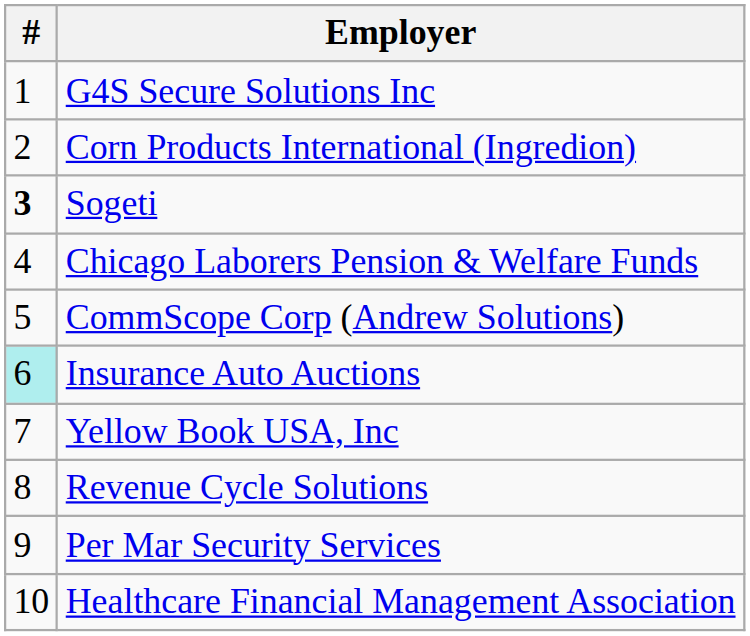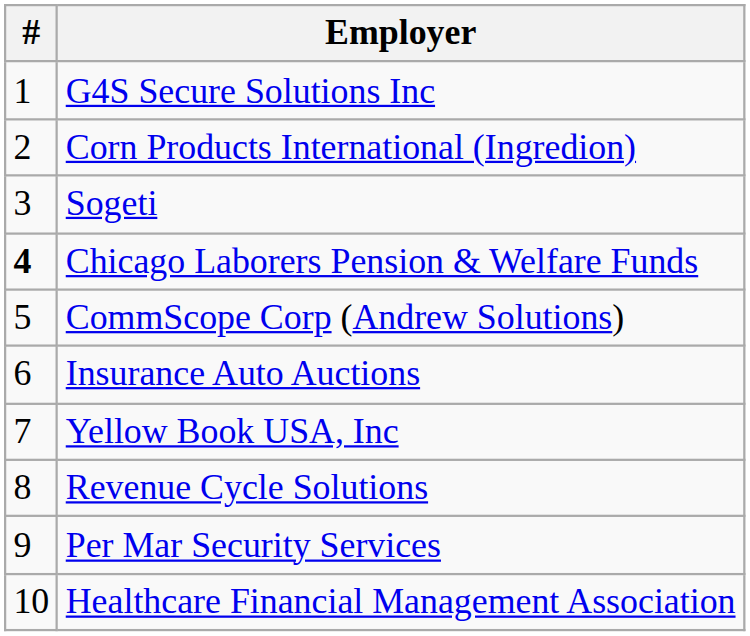 <table class="wikitable">
 <tr>
 <th>#</th>
 <th>Employer</th>
 </tr>
 <tr>
 <td>1</td>
 <td><a href='#'>G4S Secure Solutions Inc</a></td>
 </tr>
 <tr>
 <td>2</td>
 <td><a href='#'>Corn Products International (Ingredion)</a></td>
 </tr>
 <tr>
-<td><strong>3</strong></td>
+<td>3</td>
 <td><a href='#'>Sogeti</a></td>
 </tr>
 <tr>
-<td>4</td>
+<td><strong>4</strong></td>
 <td><a href='#'>Chicago Laborers Pension & Welfare Funds</a></td>
 </tr>
 <tr>
 <td>5</td>
 <td><a href='#'>CommScope Corp</a> (<a href='#'>Andrew Solutions</a>)</td>
 </tr>
 <tr>
-<td style="background: paleturquoise;">6</td>
+<td>6</td>
 <td><a href='#'>Insurance Auto Auctions</a></td>
 </tr>
 <tr>
 <td>7</td>
 <td><a href='#'>Yellow Book USA, Inc</a></td>
 </tr>
 <tr>
 <td>8</td>
 <td><a href='#'>Revenue Cycle Solutions</a></td>
 </tr>
 <tr>
 <td>9</td>
 <td><a href='#'>Per Mar Security Services</a></td>
 </tr>
 <tr>
 <td>10</td>
 <td><a href='#'>Healthcare Financial Management Association</a></td>
 </tr>
 </table>
